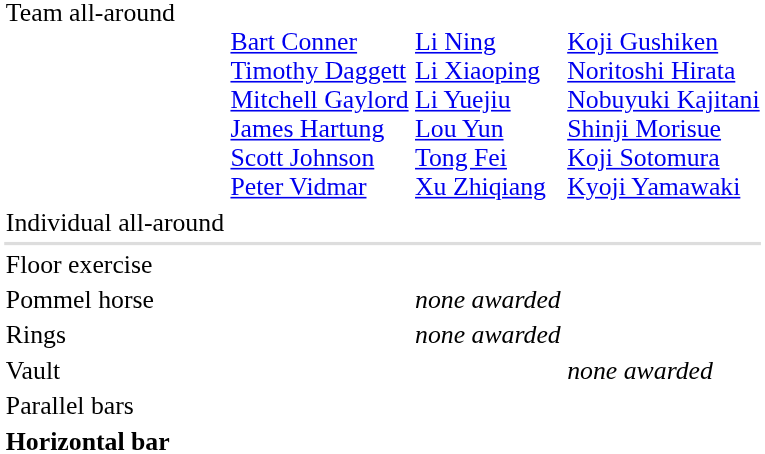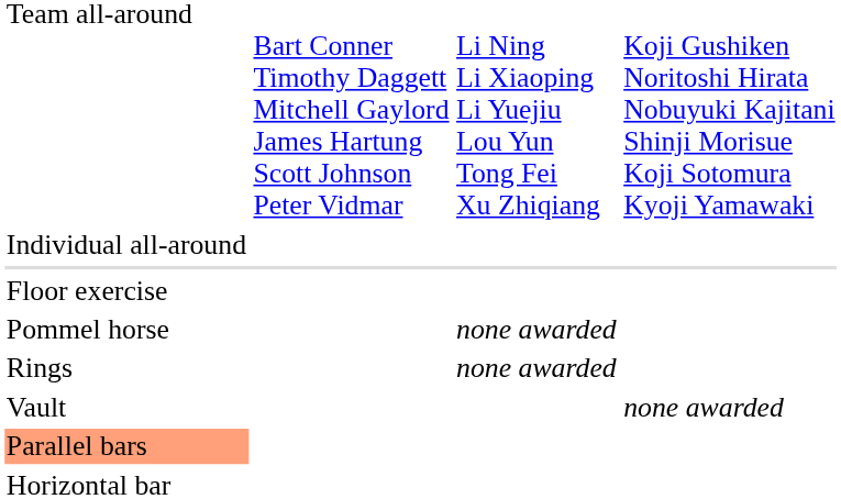 <table>
 <tr valign="top">
 <td>Team all-around<br></td>
 <td><br><a href='#'>Bart Conner</a><br><a href='#'>Timothy Daggett</a><br><a href='#'>Mitchell Gaylord</a><br><a href='#'>James Hartung</a><br><a href='#'>Scott Johnson</a><br><a href='#'>Peter Vidmar</a></td>
 <td><br><a href='#'>Li Ning</a><br><a href='#'>Li Xiaoping</a><br><a href='#'>Li Yuejiu</a><br><a href='#'>Lou Yun</a><br><a href='#'>Tong Fei</a><br><a href='#'>Xu Zhiqiang</a></td>
 <td><br><a href='#'>Koji Gushiken</a><br><a href='#'>Noritoshi Hirata</a><br><a href='#'>Nobuyuki Kajitani</a><br><a href='#'>Shinji Morisue</a><br><a href='#'>Koji Sotomura</a><br><a href='#'>Kyoji Yamawaki</a></td>
 </tr>
 <tr valign="top">
 <td>Individual all-around<br></td>
 <td></td>
 <td></td>
 <td></td>
 </tr>
 <tr bgcolor=#DDDDDD>
 <td colspan=7></td>
 </tr>
 <tr valign="top">
 <td rowspan=2>Floor exercise<br></td>
 <td rowspan=2></td>
 <td rowspan=2></td>
 <td></td>
 </tr>
 <tr>
 <td></td>
 </tr>
 <tr valign="top">
 <td rowspan=2>Pommel horse<br></td>
 <td></td>
 <td rowspan=2><em>none awarded</em></td>
 <td rowspan=2></td>
 </tr>
 <tr>
 <td></td>
 </tr>
 <tr valign="top">
 <td rowspan=2>Rings<br></td>
 <td></td>
 <td rowspan=2><em>none awarded</em></td>
 <td rowspan=2></td>
 </tr>
 <tr>
 <td></td>
 </tr>
 <tr valign="top">
 <td rowspan=4>Vault<br></td>
 <td rowspan=4></td>
 <td></td>
 <td rowspan=4><em>none awarded</em></td>
 </tr>
 <tr>
 <td></td>
 </tr>
 <tr>
 <td></td>
 </tr>
 <tr>
 <td></td>
 </tr>
 <tr valign="top">
-<td>Parallel bars<br></td>
+<td style="background: lightsalmon;">Parallel bars<br></td>
 <td></td>
 <td></td>
 <td></td>
 </tr>
 <tr valign="top">
-<td><strong>Horizontal bar<br></strong></td>
+<td>Horizontal bar<br></td>
 <td></td>
 <td></td>
 <td></td>
 </tr>
 </table>
